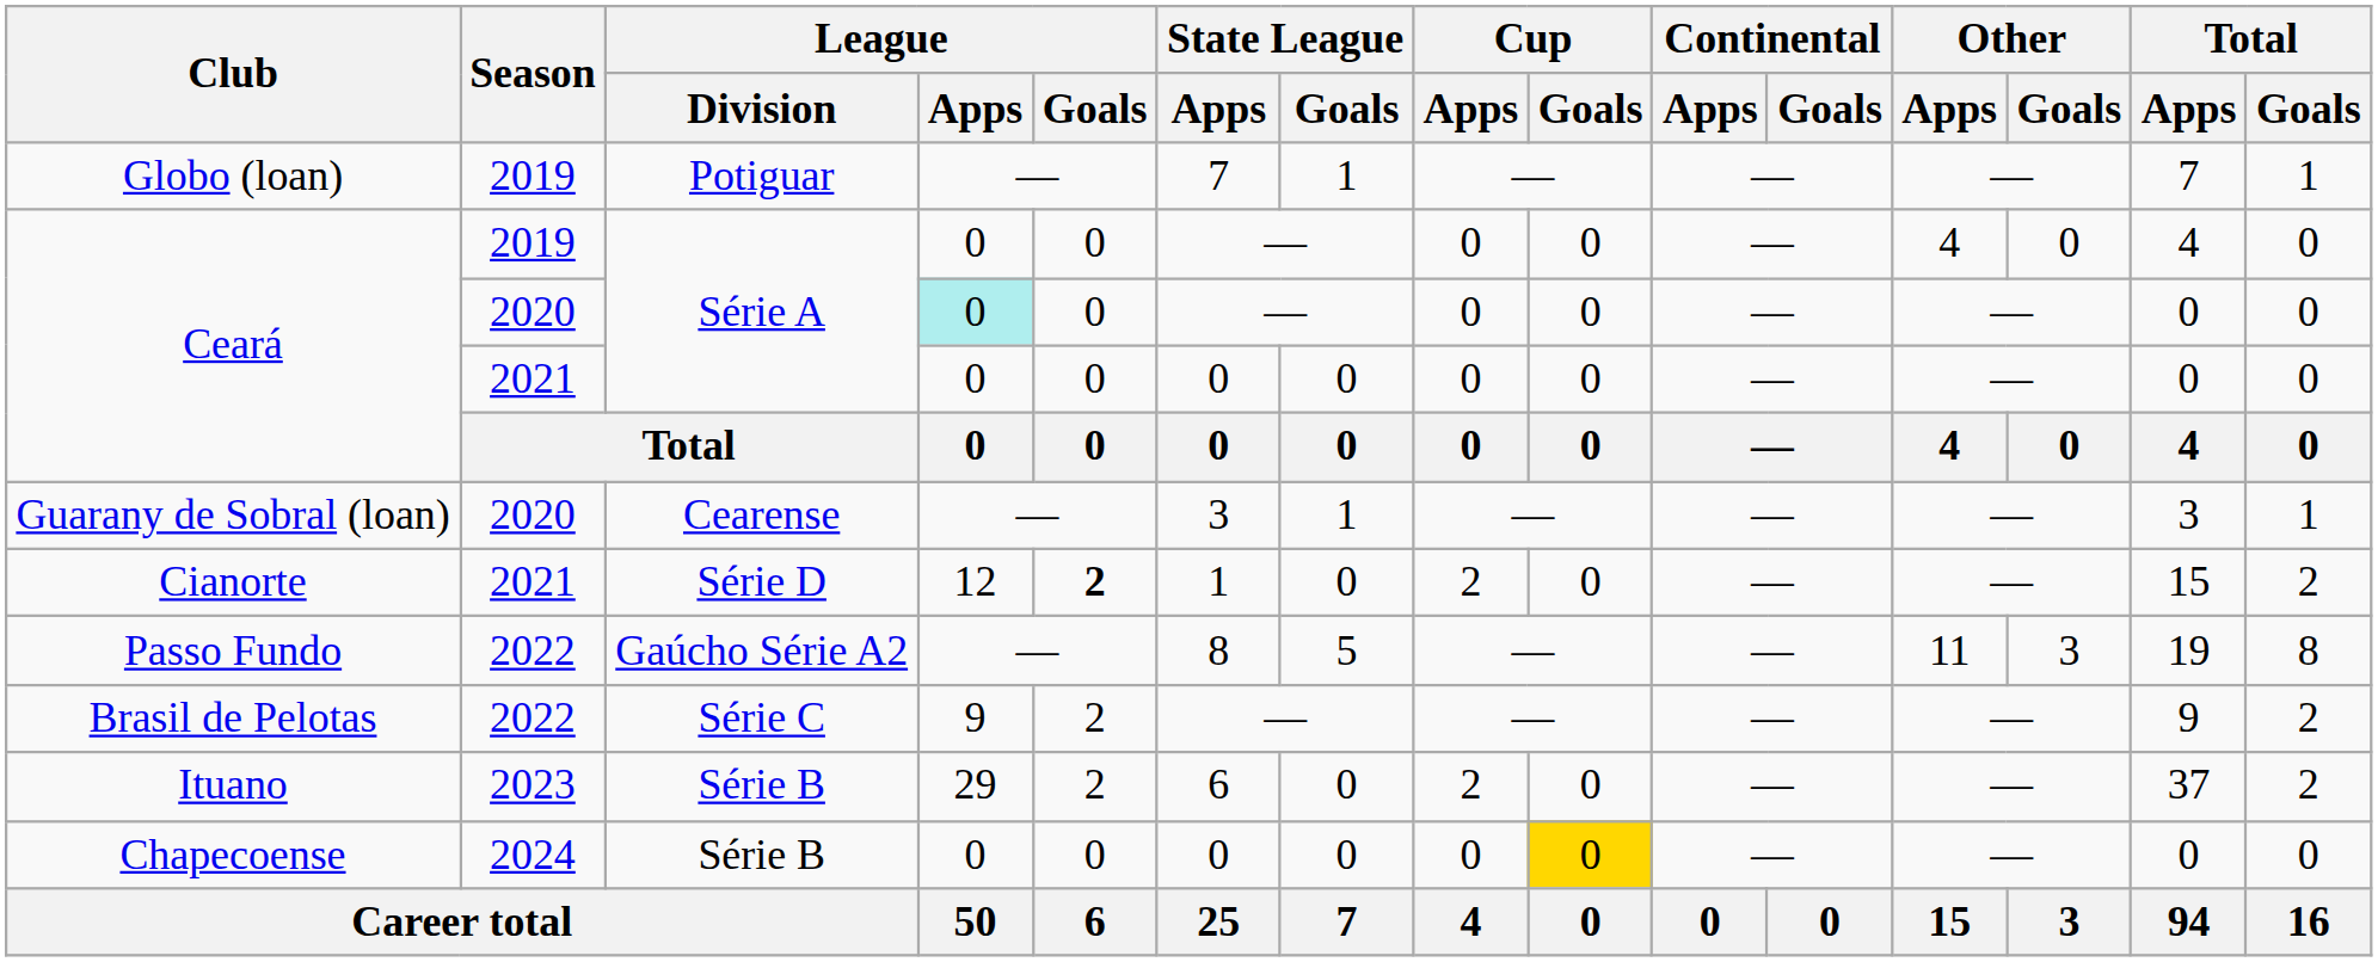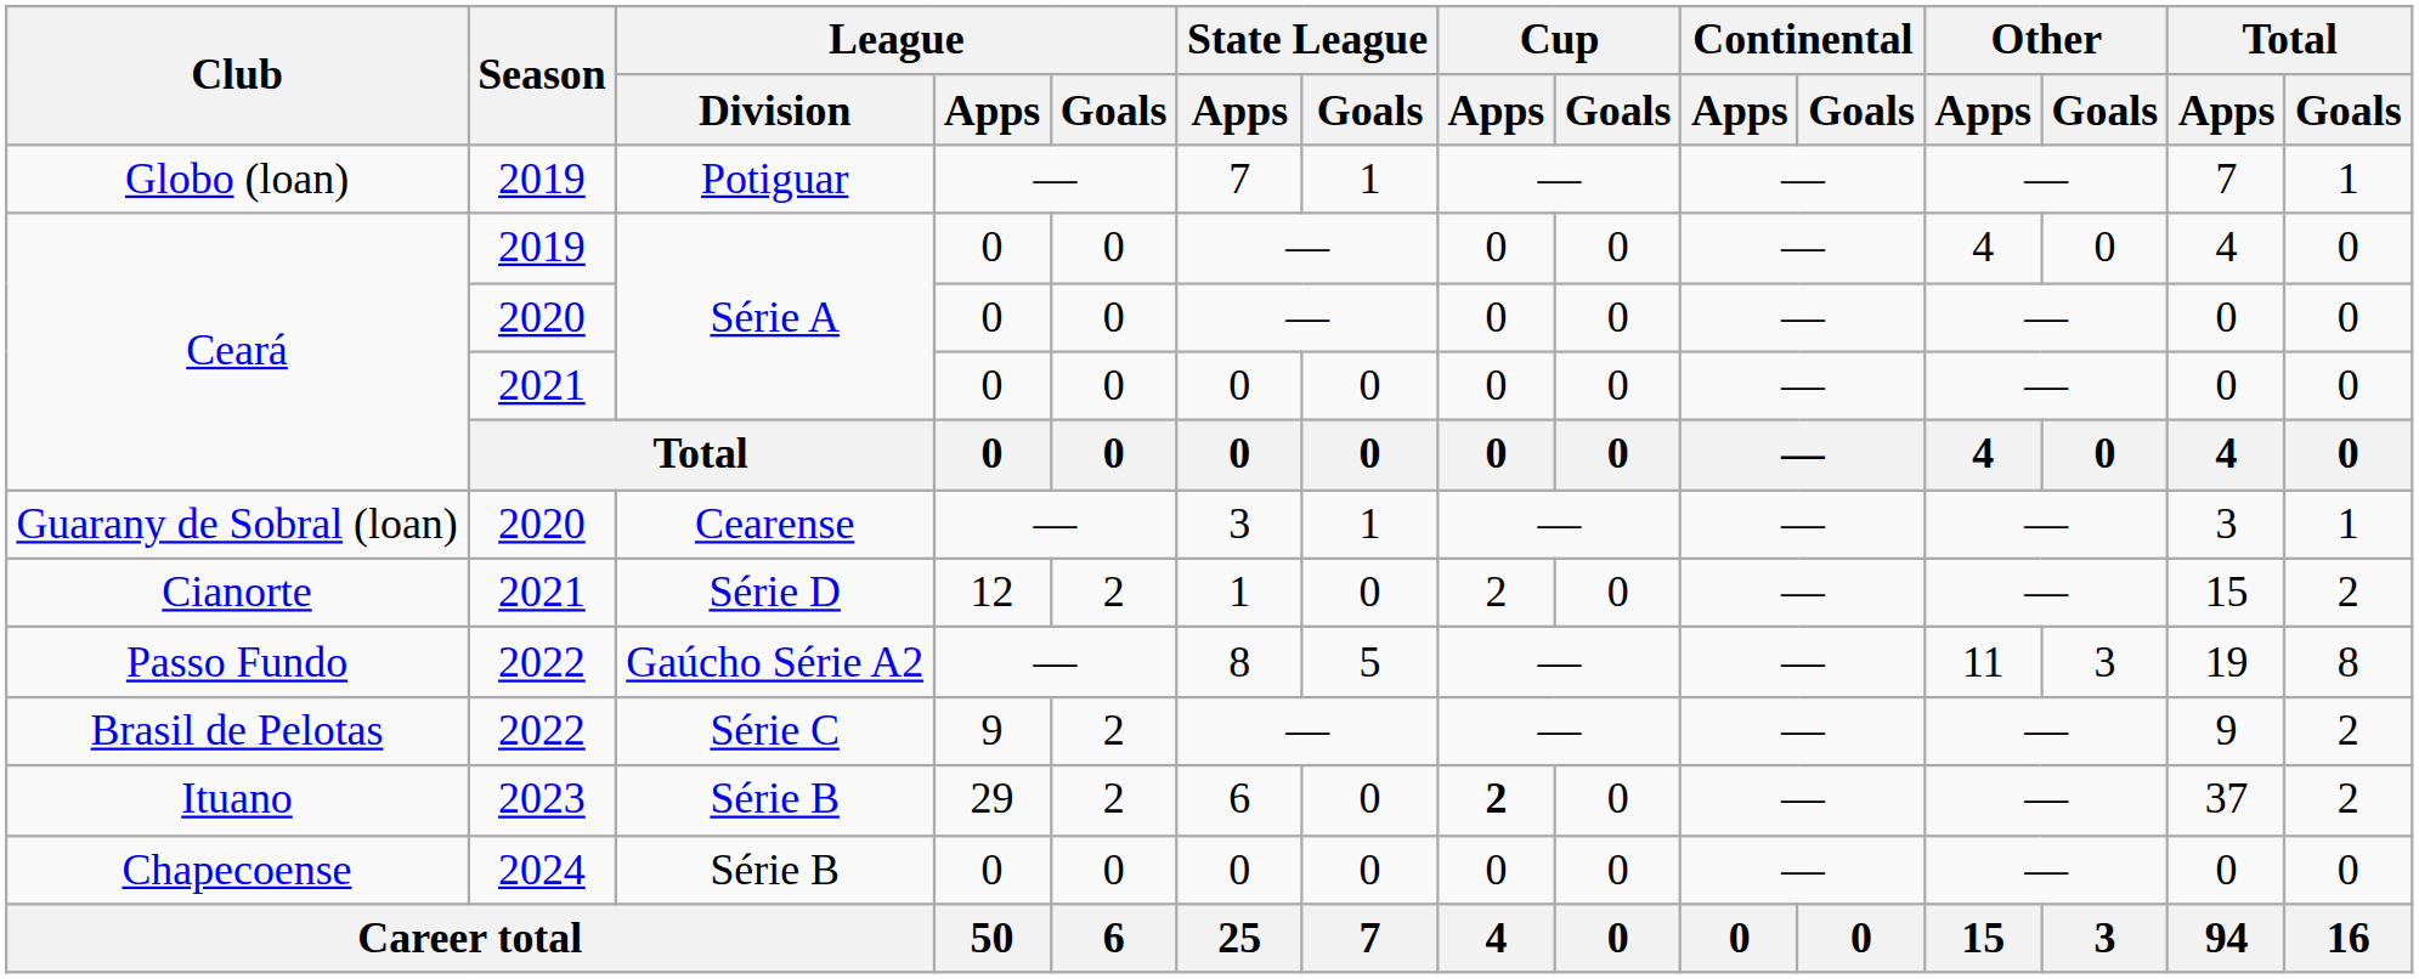 <table class="wikitable" style="text-align: center">
 <tr>
 <th rowspan="2">Club</th>
 <th rowspan="2">Season</th>
 <th colspan="3">League</th>
 <th colspan="2">State League</th>
 <th colspan="2">Cup</th>
 <th colspan="2">Continental</th>
 <th colspan="2">Other</th>
 <th colspan="2">Total</th>
 </tr>
 <tr>
 <th>Division</th>
 <th>Apps</th>
 <th>Goals</th>
 <th>Apps</th>
 <th>Goals</th>
 <th>Apps</th>
 <th>Goals</th>
 <th>Apps</th>
 <th>Goals</th>
 <th>Apps</th>
 <th>Goals</th>
 <th>Apps</th>
 <th>Goals</th>
 </tr>
 <tr>
 <td><a href='#'>Globo</a> (loan)</td>
 <td><a href='#'>2019</a></td>
 <td><a href='#'>Potiguar</a></td>
 <td colspan="2">—</td>
 <td>7</td>
 <td>1</td>
 <td colspan="2">—</td>
 <td colspan="2">—</td>
 <td colspan="2">—</td>
 <td>7</td>
 <td>1</td>
 </tr>
 <tr>
 <td rowspan="4"><a href='#'>Ceará</a></td>
 <td><a href='#'>2019</a></td>
 <td rowspan="3"><a href='#'>Série A</a></td>
 <td>0</td>
 <td>0</td>
 <td colspan="2">—</td>
 <td>0</td>
 <td>0</td>
 <td colspan="2">—</td>
 <td>4</td>
 <td>0</td>
 <td>4</td>
 <td>0</td>
 </tr>
 <tr>
 <td><a href='#'>2020</a></td>
-<td style="background: paleturquoise;">0</td>
+<td>0</td>
 <td>0</td>
 <td colspan="2">—</td>
 <td>0</td>
 <td>0</td>
 <td colspan="2">—</td>
 <td colspan="2">—</td>
 <td>0</td>
 <td>0</td>
 </tr>
 <tr>
 <td><a href='#'>2021</a></td>
 <td>0</td>
 <td>0</td>
 <td>0</td>
 <td>0</td>
 <td>0</td>
 <td>0</td>
 <td colspan="2">—</td>
 <td colspan="2">—</td>
 <td>0</td>
 <td>0</td>
 </tr>
 <tr>
 <th colspan="2">Total</th>
 <th>0</th>
 <th>0</th>
 <th>0</th>
 <th>0</th>
 <th>0</th>
 <th>0</th>
 <th colspan="2">—</th>
 <th>4</th>
 <th>0</th>
 <th>4</th>
 <th>0</th>
 </tr>
 <tr>
 <td><a href='#'>Guarany de Sobral</a> (loan)</td>
 <td><a href='#'>2020</a></td>
 <td><a href='#'>Cearense</a></td>
 <td colspan="2">—</td>
 <td>3</td>
 <td>1</td>
 <td colspan="2">—</td>
 <td colspan="2">—</td>
 <td colspan="2">—</td>
 <td>3</td>
 <td>1</td>
 </tr>
 <tr>
 <td><a href='#'>Cianorte</a></td>
 <td><a href='#'>2021</a></td>
 <td><a href='#'>Série D</a></td>
 <td>12</td>
-<td><strong>2</strong></td>
+<td>2</td>
 <td>1</td>
 <td>0</td>
 <td>2</td>
 <td>0</td>
 <td colspan="2">—</td>
 <td colspan="2">—</td>
 <td>15</td>
 <td>2</td>
 </tr>
 <tr>
 <td><a href='#'>Passo Fundo</a></td>
 <td><a href='#'>2022</a></td>
 <td><a href='#'>Gaúcho Série A2</a></td>
 <td colspan="2">—</td>
 <td>8</td>
 <td>5</td>
 <td colspan="2">—</td>
 <td colspan="2">—</td>
 <td>11</td>
 <td>3</td>
 <td>19</td>
 <td>8</td>
 </tr>
 <tr>
 <td><a href='#'>Brasil de Pelotas</a></td>
 <td><a href='#'>2022</a></td>
 <td><a href='#'>Série C</a></td>
 <td>9</td>
 <td>2</td>
 <td colspan="2">—</td>
 <td colspan="2">—</td>
 <td colspan="2">—</td>
 <td colspan="2">—</td>
 <td>9</td>
 <td>2</td>
 </tr>
 <tr>
 <td><a href='#'>Ituano</a></td>
 <td><a href='#'>2023</a></td>
 <td><a href='#'>Série B</a></td>
 <td>29</td>
 <td>2</td>
 <td>6</td>
 <td>0</td>
-<td>2</td>
+<td><strong>2</strong></td>
 <td>0</td>
 <td colspan="2">—</td>
 <td colspan="2">—</td>
 <td>37</td>
 <td>2</td>
 </tr>
 <tr>
 <td><a href='#'>Chapecoense</a></td>
 <td><a href='#'>2024</a></td>
 <td>Série B</td>
 <td>0</td>
 <td>0</td>
 <td>0</td>
 <td>0</td>
 <td>0</td>
-<td style="background: gold;">0</td>
+<td>0</td>
 <td colspan="2">—</td>
 <td colspan="2">—</td>
 <td>0</td>
 <td>0</td>
 </tr>
 <tr>
 <th colspan="3"><strong>Career total</strong></th>
 <th>50</th>
 <th>6</th>
 <th>25</th>
 <th>7</th>
 <th>4</th>
 <th>0</th>
 <th>0</th>
 <th>0</th>
 <th>15</th>
 <th>3</th>
 <th>94</th>
 <th>16</th>
 </tr>
 </table>
